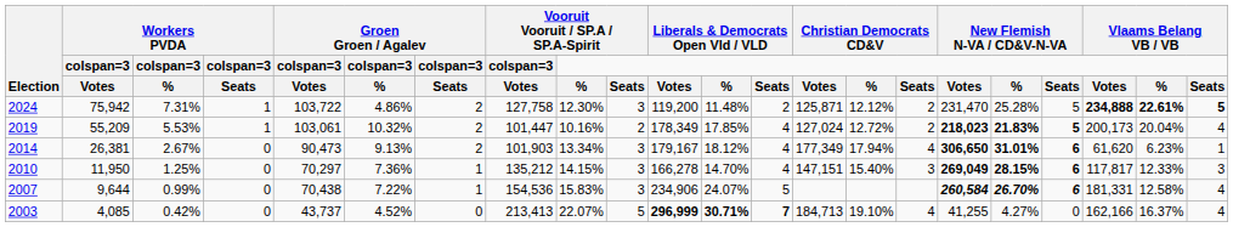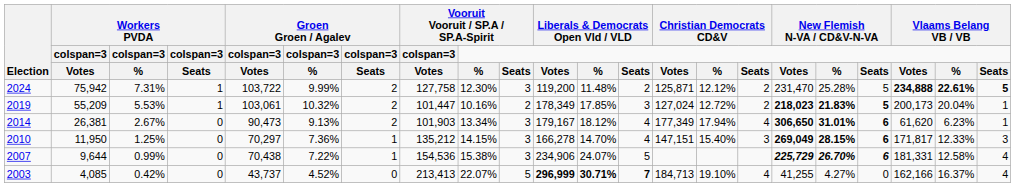 <table class="wikitable" border="1" style="font-size:95%; text-align:right;">
 <tr>
 <th style="text-align:left;" valign=bottom rowspan=3>Election</th>
 <th valign=bottom colspan=3><a href='#'>Workers</a><br>PVDA</th>
 <th valign=bottom colspan=3><a href='#'>Groen</a><br>Groen / Agalev</th>
 <th valign=bottom colspan=3><a href='#'>Vooruit</a><br>Vooruit / SP.A /<br>SP.A-Spirit</th>
 <th valign=bottom colspan=3><a href='#'>Liberals & Democrats</a><br>Open Vld / VLD</th>
 <th valign=bottom colspan=3><a href='#'>Christian Democrats</a><br>CD&V</th>
 <th valign=bottom colspan=3><a href='#'>New Flemish</a><br>N-VA / CD&V-N-VA</th>
 <th valign=bottom colspan=3><a href='#'>Vlaams Belang</a><br>VB / VB</th>
 </tr>
 <tr>
 <th>colspan=3 </th>
 <th>colspan=3 </th>
 <th>colspan=3 </th>
 <th>colspan=3 </th>
 <th>colspan=3 </th>
 <th>colspan=3 </th>
 <th>colspan=3 </th>
 </tr>
 <tr>
 <th>Votes</th>
 <th>%</th>
 <th>Seats</th>
 <th>Votes</th>
 <th>%</th>
 <th>Seats</th>
 <th>Votes</th>
 <th>%</th>
 <th>Seats</th>
 <th>Votes</th>
 <th>%</th>
 <th>Seats</th>
 <th>Votes</th>
 <th>%</th>
 <th>Seats</th>
 <th>Votes</th>
 <th>%</th>
 <th>Seats</th>
 <th>Votes</th>
 <th>%</th>
 <th>Seats</th>
 </tr>
 <tr>
 <td align=left><a href='#'>2024</a></td>
 <td>75,942</td>
 <td>7.31%</td>
 <td>1</td>
 <td>103,722</td>
-<td>4.86%</td>
+<td>9.99%</td>
 <td>2</td>
 <td>127,758</td>
 <td>12.30%</td>
 <td>3</td>
 <td>119,200</td>
 <td>11.48%</td>
 <td>2</td>
 <td>125,871</td>
 <td>12.12%</td>
 <td>2</td>
 <td>231,470</td>
 <td>25.28%</td>
 <td>5</td>
 <td><strong>234,888</strong></td>
 <td><strong>22.61%</strong></td>
 <td><strong>5</strong></td>
 </tr>
 <tr>
 <td align=left><a href='#'>2019</a></td>
 <td>55,209</td>
 <td>5.53%</td>
 <td>1</td>
 <td>103,061</td>
 <td>10.32%</td>
 <td>2</td>
 <td>101,447</td>
 <td>10.16%</td>
 <td>2</td>
 <td>178,349</td>
 <td>17.85%</td>
-<td>4</td>
+<td>3</td>
 <td>127,024</td>
 <td>12.72%</td>
 <td>2</td>
 <td><strong>218,023</strong></td>
 <td><strong>21.83%</strong></td>
 <td><strong>5</strong></td>
 <td>200,173</td>
 <td>20.04%</td>
-<td>4</td>
+<td>1</td>
 </tr>
 <tr>
 <td align=left><a href='#'>2014</a></td>
 <td>26,381</td>
 <td>2.67%</td>
 <td>0</td>
 <td>90,473</td>
 <td>9.13%</td>
 <td>2</td>
 <td>101,903</td>
 <td>13.34%</td>
 <td>3</td>
 <td>179,167</td>
 <td>18.12%</td>
 <td>4</td>
 <td>177,349</td>
 <td>17.94%</td>
 <td>4</td>
 <td><strong>306,650</strong></td>
 <td><strong>31.01%</strong></td>
 <td><strong>6</strong></td>
 <td>61,620</td>
 <td>6.23%</td>
 <td>1</td>
 </tr>
 <tr>
 <td align=left><a href='#'>2010</a></td>
 <td>11,950</td>
 <td>1.25%</td>
 <td>0</td>
 <td>70,297</td>
 <td>7.36%</td>
 <td>1</td>
 <td>135,212</td>
 <td>14.15%</td>
 <td>3</td>
 <td>166,278</td>
 <td>14.70%</td>
 <td>4</td>
 <td>147,151</td>
 <td>15.40%</td>
 <td>3</td>
 <td><strong>269,049</strong></td>
 <td><strong>28.15%</strong></td>
 <td><strong>6</strong></td>
-<td>117,817</td>
+<td>171,817</td>
 <td>12.33%</td>
 <td>3</td>
 </tr>
 <tr>
 <td align=left><a href='#'>2007</a></td>
 <td>9,644</td>
 <td>0.99%</td>
 <td>0</td>
 <td>70,438</td>
 <td>7.22%</td>
 <td>1</td>
 <td>154,536</td>
-<td>15.83%</td>
+<td>15.38%</td>
 <td>3</td>
 <td>234,906</td>
 <td>24.07%</td>
 <td>5</td>
 <td></td>
 <td></td>
 <td></td>
-<td><strong><em>260,584</em></strong></td>
+<td><strong><em>225,729</em></strong></td>
 <td><strong><em>26.70%</em></strong></td>
 <td><strong><em>6</em></strong></td>
 <td>181,331</td>
 <td>12.58%</td>
 <td>4</td>
 </tr>
 <tr>
 <td align=left><a href='#'>2003</a></td>
 <td>4,085</td>
 <td>0.42%</td>
 <td>0</td>
 <td>43,737</td>
 <td>4.52%</td>
 <td>0</td>
 <td>213,413</td>
 <td>22.07%</td>
 <td>5</td>
 <td><strong>296,999</strong></td>
 <td><strong>30.71%</strong></td>
 <td><strong>7</strong></td>
 <td>184,713</td>
 <td>19.10%</td>
 <td>4</td>
 <td>41,255</td>
 <td>4.27%</td>
 <td>0</td>
 <td>162,166</td>
 <td>16.37%</td>
 <td>4</td>
 </tr>
 </table>
